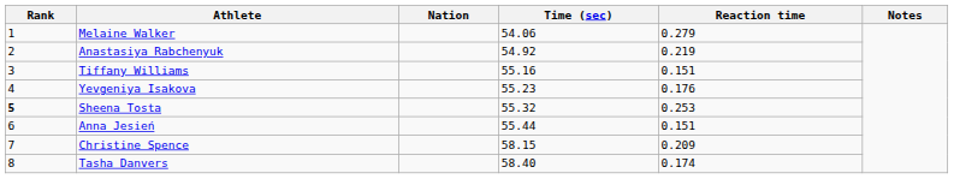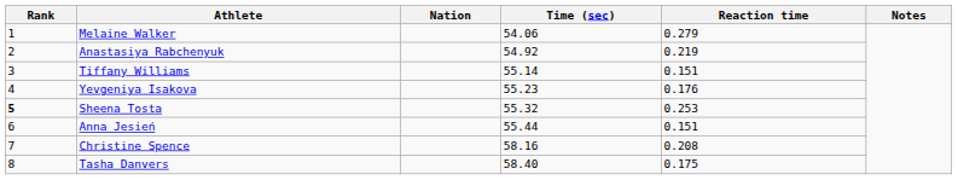 <table class="wikitable" style="text=align:center;" width=85%>
 <tr>
 <th>Rank</th>
 <th>Athlete</th>
 <th>Nation</th>
 <th>Time (<a href='#'>sec</a>)</th>
 <th>Reaction time</th>
 <th>Notes</th>
 </tr>
 <tr>
 <td>1</td>
 <td><a href='#'>Melaine Walker</a></td>
 <td></td>
 <td>54.06</td>
 <td>0.279</td>
 </tr>
 <tr>
 <td>2</td>
 <td><a href='#'>Anastasiya Rabchenyuk</a></td>
 <td></td>
 <td>54.92</td>
 <td>0.219</td>
 </tr>
 <tr>
 <td>3</td>
 <td><a href='#'>Tiffany Williams</a></td>
 <td></td>
-<td>55.16</td>
+<td>55.14</td>
 <td>0.151</td>
 </tr>
 <tr>
 <td>4</td>
 <td><a href='#'>Yevgeniya Isakova</a></td>
 <td></td>
 <td>55.23</td>
 <td>0.176</td>
 </tr>
 <tr>
 <td><strong>5</strong></td>
 <td><a href='#'>Sheena Tosta</a></td>
 <td></td>
 <td>55.32</td>
 <td>0.253</td>
 </tr>
 <tr>
 <td>6</td>
 <td><a href='#'>Anna Jesień</a></td>
 <td></td>
 <td>55.44</td>
 <td>0.151</td>
 </tr>
 <tr>
 <td>7</td>
 <td><a href='#'>Christine Spence</a></td>
 <td></td>
-<td>58.15</td>
-<td>0.209</td>
+<td>58.16</td>
+<td>0.208</td>
 </tr>
 <tr>
 <td>8</td>
 <td><a href='#'>Tasha Danvers</a></td>
 <td></td>
 <td>58.40</td>
-<td>0.174</td>
+<td>0.175</td>
 </tr>
 </table>
